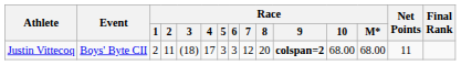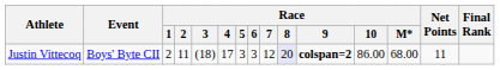 <table class="wikitable" style="font-size:90%">
 <tr>
 <th rowspan="2">Athlete</th>
 <th rowspan="2">Event</th>
 <th colspan=11>Race</th>
 <th rowspan=2>Net<br>Points</th>
 <th rowspan=2>Final <br>Rank</th>
 </tr>
 <tr style="font-size:95%">
 <th>1</th>
 <th>2</th>
 <th>3</th>
 <th>4</th>
 <th>5</th>
 <th>6</th>
 <th>7</th>
 <th>8</th>
 <th>9</th>
 <th>10</th>
 <th>M*</th>
 </tr>
 <tr align=center>
 <td align=left><a href='#'>Justin Vittecoq</a></td>
 <td align=left><a href='#'>Boys' Byte CII</a></td>
 <td>2</td>
 <td>11</td>
 <td>(18)</td>
 <td>17</td>
 <td>3</td>
 <td>3</td>
 <td>12</td>
-<td>20</td>
+<td style="background: lavender;">20</td>
 <td><strong>colspan=2 </strong></td>
-<td>68.00</td>
+<td>86.00</td>
 <td>68.00</td>
 <td>11</td>
 </tr>
 </table>
